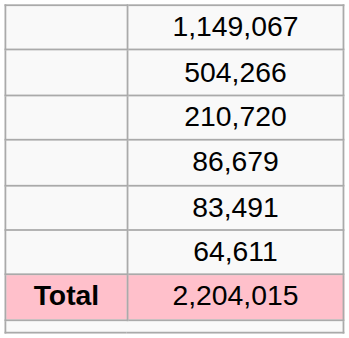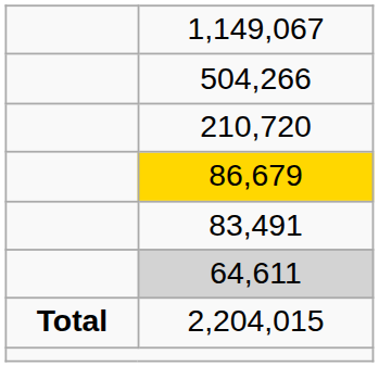 <table class="wikitable" style="float:right; width:12em; text-align:center;">
 <tr>
 <td></td>
 <td>1,149,067</td>
 </tr>
 <tr>
 <td></td>
 <td>504,266</td>
 </tr>
 <tr>
 <td></td>
 <td>210,720</td>
 </tr>
 <tr>
 <td></td>
-<td>86,679</td>
+<td style="background: gold;">86,679</td>
 </tr>
 <tr>
 <td></td>
 <td>83,491</td>
 </tr>
 <tr>
 <td></td>
-<td>64,611</td>
+<td style="background: lightgrey;">64,611</td>
 </tr>
 <tr>
-<td style="background: pink;"><strong>Total</strong></td>
-<td style="background: pink;">2,204,015</td>
+<td><strong>Total</strong></td>
+<td>2,204,015</td>
 </tr>
 <tr>
 <td colspan=2></td>
 </tr>
 </table>
